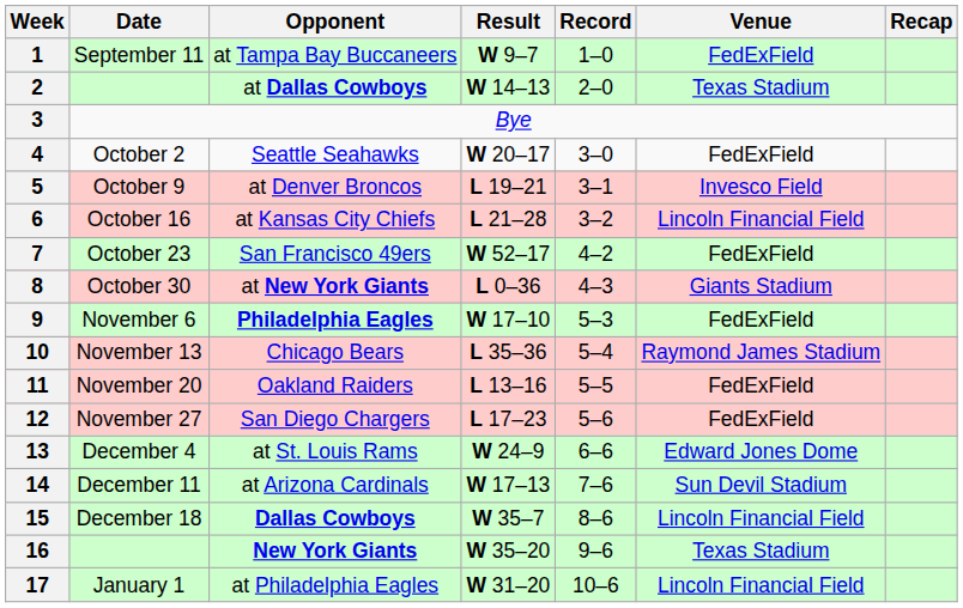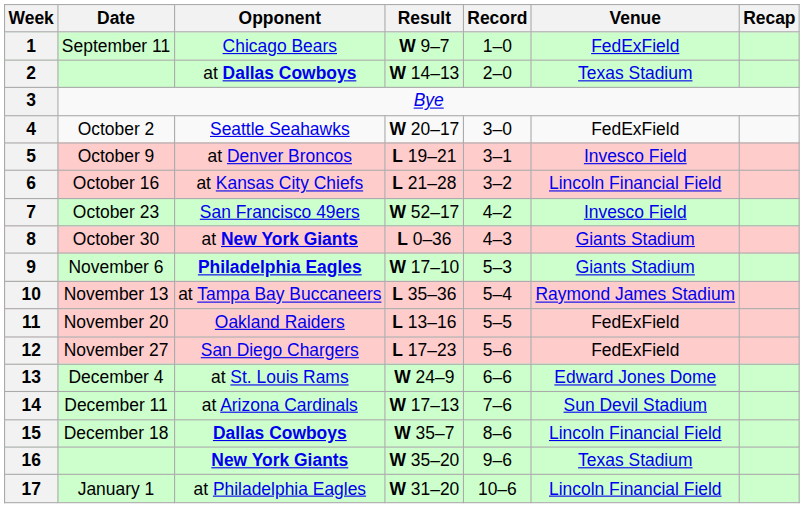 <table class="wikitable" style="text-align:center">
 <tr>
 <th>Week</th>
 <th>Date</th>
 <th>Opponent</th>
 <th>Result</th>
 <th>Record</th>
 <th>Venue</th>
 <th>Recap</th>
 </tr>
 <tr style="background: #cfc;">
 <th>1</th>
 <td>September 11</td>
-<td>at <a href='#'>Tampa Bay Buccaneers</a></td>
+<td><a href='#'>Chicago Bears</a></td>
 <td><strong>W</strong> 9–7</td>
 <td>1–0</td>
 <td><a href='#'>FedExField</a></td>
 <td></td>
 </tr>
 <tr style="background: #cfc;">
 <th>2</th>
 <td></td>
 <td>at <strong><a href='#'>Dallas Cowboys</a></strong></td>
 <td><strong>W</strong> 14–13</td>
 <td>2–0</td>
 <td><a href='#'>Texas Stadium</a></td>
 <td></td>
 </tr>
 <tr>
 <th>3</th>
 <td align="center" colspan="7"><em><a href='#'>Bye</a></em></td>
 </tr>
 <tr -style="background: #cfc;">
 <th>4</th>
 <td>October 2</td>
 <td><a href='#'>Seattle Seahawks</a></td>
 <td><strong>W</strong> 20–17 </td>
 <td>3–0</td>
 <td>FedExField</td>
 <td></td>
 </tr>
 <tr style="background: #fcc;">
 <th>5</th>
 <td>October 9</td>
 <td>at <a href='#'>Denver Broncos</a></td>
 <td><strong>L</strong> 19–21</td>
 <td>3–1</td>
 <td><a href='#'>Invesco Field</a></td>
 <td></td>
 </tr>
 <tr style="background: #fcc;">
 <th>6</th>
 <td>October 16</td>
 <td>at <a href='#'>Kansas City Chiefs</a></td>
 <td><strong>L</strong> 21–28</td>
 <td>3–2</td>
 <td><a href='#'>Lincoln Financial Field</a></td>
 <td></td>
 </tr>
 <tr style="background: #cfc">
 <th>7</th>
 <td>October 23</td>
 <td><a href='#'>San Francisco 49ers</a></td>
 <td><strong>W</strong> 52–17</td>
 <td>4–2</td>
-<td>FedExField</td>
+<td><a href='#'>Invesco Field</a></td>
 <td></td>
 </tr>
 <tr style="background: #fcc;">
 <th>8</th>
 <td>October 30</td>
 <td>at <strong><a href='#'>New York Giants</a></strong></td>
 <td><strong>L</strong> 0–36</td>
 <td>4–3</td>
 <td><a href='#'>Giants Stadium</a></td>
 <td></td>
 </tr>
 <tr style="background: #cfc;">
 <th>9</th>
 <td>November 6</td>
 <td><strong><a href='#'>Philadelphia Eagles</a></strong></td>
 <td><strong>W</strong> 17–10</td>
 <td>5–3</td>
-<td>FedExField</td>
+<td><a href='#'>Giants Stadium</a></td>
 <td></td>
 </tr>
 <tr style="background: #fcc;">
 <th>10</th>
 <td>November 13</td>
-<td><a href='#'>Chicago Bears</a></td>
+<td>at <a href='#'>Tampa Bay Buccaneers</a></td>
 <td><strong>L</strong> 35–36</td>
 <td>5–4</td>
 <td><a href='#'>Raymond James Stadium</a></td>
 <td></td>
 </tr>
 <tr style="background: #fcc;">
 <th>11</th>
 <td>November 20</td>
 <td><a href='#'>Oakland Raiders</a></td>
 <td><strong>L</strong> 13–16</td>
 <td>5–5</td>
 <td>FedExField</td>
 <td></td>
 </tr>
 <tr style="background: #fcc;">
 <th>12</th>
 <td>November 27</td>
 <td><a href='#'>San Diego Chargers</a></td>
 <td><strong>L</strong> 17–23 </td>
 <td>5–6</td>
 <td>FedExField</td>
 <td></td>
 </tr>
 <tr style="background: #cfc;">
 <th>13</th>
 <td>December 4</td>
 <td>at <a href='#'>St. Louis Rams</a></td>
 <td><strong>W</strong> 24–9</td>
 <td>6–6</td>
 <td><a href='#'>Edward Jones Dome</a></td>
 <td></td>
 </tr>
 <tr style="background: #cfc;">
 <th>14</th>
 <td>December 11</td>
 <td>at <a href='#'>Arizona Cardinals</a></td>
 <td><strong>W</strong> 17–13</td>
 <td>7–6</td>
 <td><a href='#'>Sun Devil Stadium</a></td>
 <td></td>
 </tr>
 <tr style="background: #cfc;">
 <th>15</th>
 <td>December 18</td>
 <td><strong><a href='#'>Dallas Cowboys</a></strong></td>
 <td><strong>W</strong> 35–7</td>
 <td>8–6</td>
 <td><a href='#'>Lincoln Financial Field</a></td>
 <td></td>
 </tr>
 <tr style="background: #cfc;">
 <th>16</th>
 <td></td>
 <td><strong><a href='#'>New York Giants</a></strong></td>
 <td><strong>W</strong> 35–20</td>
 <td>9–6</td>
 <td><a href='#'>Texas Stadium</a></td>
 <td></td>
 </tr>
 <tr style="background: #cfc;">
 <th>17</th>
 <td>January 1</td>
 <td>at <a href='#'>Philadelphia Eagles</a></td>
 <td><strong>W</strong> 31–20</td>
 <td>10–6</td>
 <td><a href='#'>Lincoln Financial Field</a></td>
 <td></td>
 </tr>
 </table>
